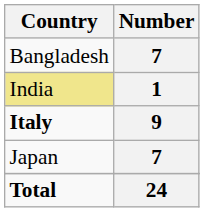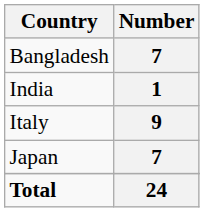 <table class="wikitable centre sortable floatright">
 <tr>
 <th>Country</th>
 <th>Number</th>
 </tr>
 <tr>
 <td> Bangladesh</td>
 <th>7</th>
 </tr>
 <tr>
-<td style="background: khaki;"> India</td>
+<td> India</td>
 <th>1</th>
 </tr>
 <tr>
-<td><strong> Italy</strong></td>
+<td> Italy</td>
 <th>9</th>
 </tr>
 <tr>
 <td> Japan</td>
 <th>7</th>
 </tr>
 <tr>
 </tr>
 <tr class="sortbottom">
 <td><strong>Total</strong></td>
 <th>24</th>
 </tr>
 </table>
